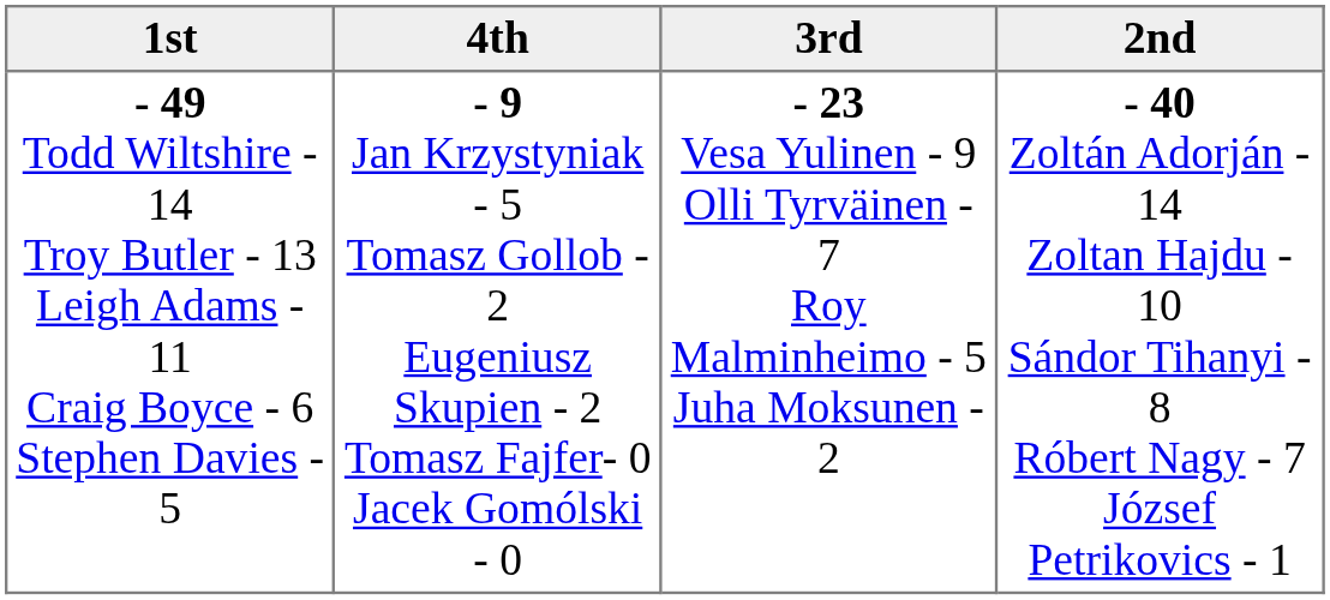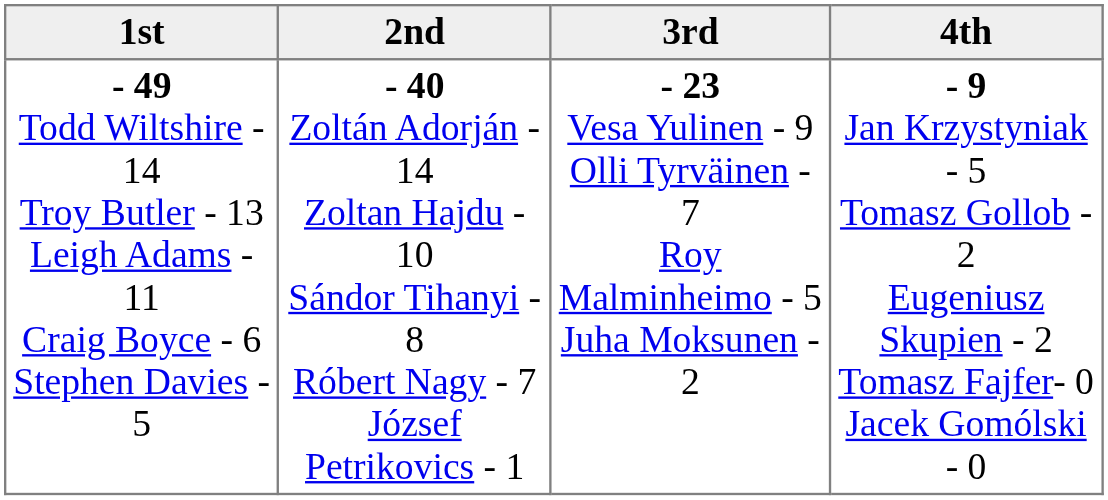 <table border="1" cellpadding="2" cellspacing="0" style="width:75%; border-collapse:collapse">
 <tr style="text-align:center; background:#efefef;">
 <th width=20% >1st</th>
+<th width=20% >2nd</th>
+<th width=20% >3rd</th>
 <th width=20%>4th</th>
-<th width=20% >3rd</th>
-<th width=20% >2nd</th>
 </tr>
 <tr align=center>
 <td valign=top ><strong> - 49</strong><br><a href='#'>Todd Wiltshire</a> - 14<br><a href='#'>Troy Butler</a> - 13<br><a href='#'>Leigh Adams</a> - 11<br><a href='#'>Craig Boyce</a> - 6<br><a href='#'>Stephen Davies</a> - 5</td>
+<td valign=top ><strong> - 40</strong><br><a href='#'>Zoltán Adorján</a> - 14<br><a href='#'>Zoltan Hajdu</a> - 10<br><a href='#'>Sándor Tihanyi</a> - 8<br><a href='#'>Róbert Nagy</a> - 7<br><a href='#'>József Petrikovics</a> - 1</td>
+<td valign=top ><strong> - 23</strong><br><a href='#'>Vesa Yulinen</a> - 9<br><a href='#'>Olli Tyrväinen</a> - 7<br><a href='#'>Roy Malminheimo</a> - 5<br><a href='#'>Juha Moksunen</a> - 2</td>
 <td valign=top><strong> - 9</strong><br><a href='#'>Jan Krzystyniak</a> - 5<br><a href='#'>Tomasz Gollob</a> - 2<br><a href='#'>Eugeniusz Skupien</a> - 2<br><a href='#'>Tomasz Fajfer</a>- 0<br><a href='#'>Jacek Gomólski</a> - 0</td>
-<td valign=top ><strong> - 23</strong><br><a href='#'>Vesa Yulinen</a> - 9<br><a href='#'>Olli Tyrväinen</a> - 7<br><a href='#'>Roy Malminheimo</a> - 5<br><a href='#'>Juha Moksunen</a> - 2</td>
-<td valign=top ><strong> - 40</strong><br><a href='#'>Zoltán Adorján</a> - 14<br><a href='#'>Zoltan Hajdu</a> - 10<br><a href='#'>Sándor Tihanyi</a> - 8<br><a href='#'>Róbert Nagy</a> - 7<br><a href='#'>József Petrikovics</a> - 1</td>
 </tr>
 </table>
